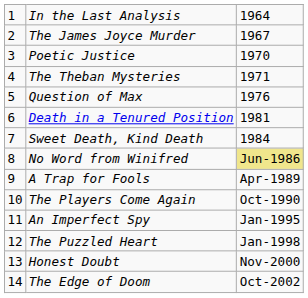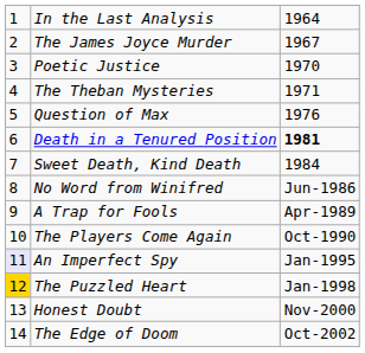 <table class="wikitable">
 <tr>
 <td>1</td>
 <td><em>In the Last Analysis</em></td>
 <td>1964</td>
 </tr>
 <tr>
 <td>2</td>
 <td><em>The James Joyce Murder</em></td>
 <td>1967</td>
 </tr>
 <tr>
 <td>3</td>
 <td><em>Poetic Justice</em></td>
 <td>1970</td>
 </tr>
 <tr>
 <td>4</td>
 <td><em>The Theban Mysteries</em></td>
 <td>1971</td>
 </tr>
 <tr>
 <td>5</td>
 <td><em>Question of Max</em></td>
 <td>1976</td>
 </tr>
 <tr>
 <td>6</td>
 <td><em><a href='#'>Death in a Tenured Position</a></em></td>
-<td>1981</td>
+<td><strong>1981</strong></td>
 </tr>
 <tr>
 <td>7</td>
 <td><em>Sweet Death, Kind Death</em></td>
 <td>1984</td>
 </tr>
 <tr>
 <td>8</td>
 <td><em>No Word from Winifred</em></td>
-<td style="background: khaki;">Jun-1986</td>
+<td>Jun-1986</td>
 </tr>
 <tr>
 <td>9</td>
 <td><em>A Trap for Fools</em></td>
 <td>Apr-1989</td>
 </tr>
 <tr>
 <td>10</td>
 <td><em>The Players Come Again</em></td>
 <td>Oct-1990</td>
 </tr>
 <tr>
-<td>11</td>
+<td style="background: lavender;">11</td>
 <td><em>An Imperfect Spy</em></td>
 <td>Jan-1995</td>
 </tr>
 <tr>
-<td>12</td>
+<td style="background: gold;">12</td>
 <td><em>The Puzzled Heart</em></td>
 <td>Jan-1998</td>
 </tr>
 <tr>
 <td>13</td>
 <td><em>Honest Doubt</em></td>
 <td>Nov-2000</td>
 </tr>
 <tr>
 <td>14</td>
 <td><em>The Edge of Doom</em></td>
 <td>Oct-2002</td>
 </tr>
 </table>
